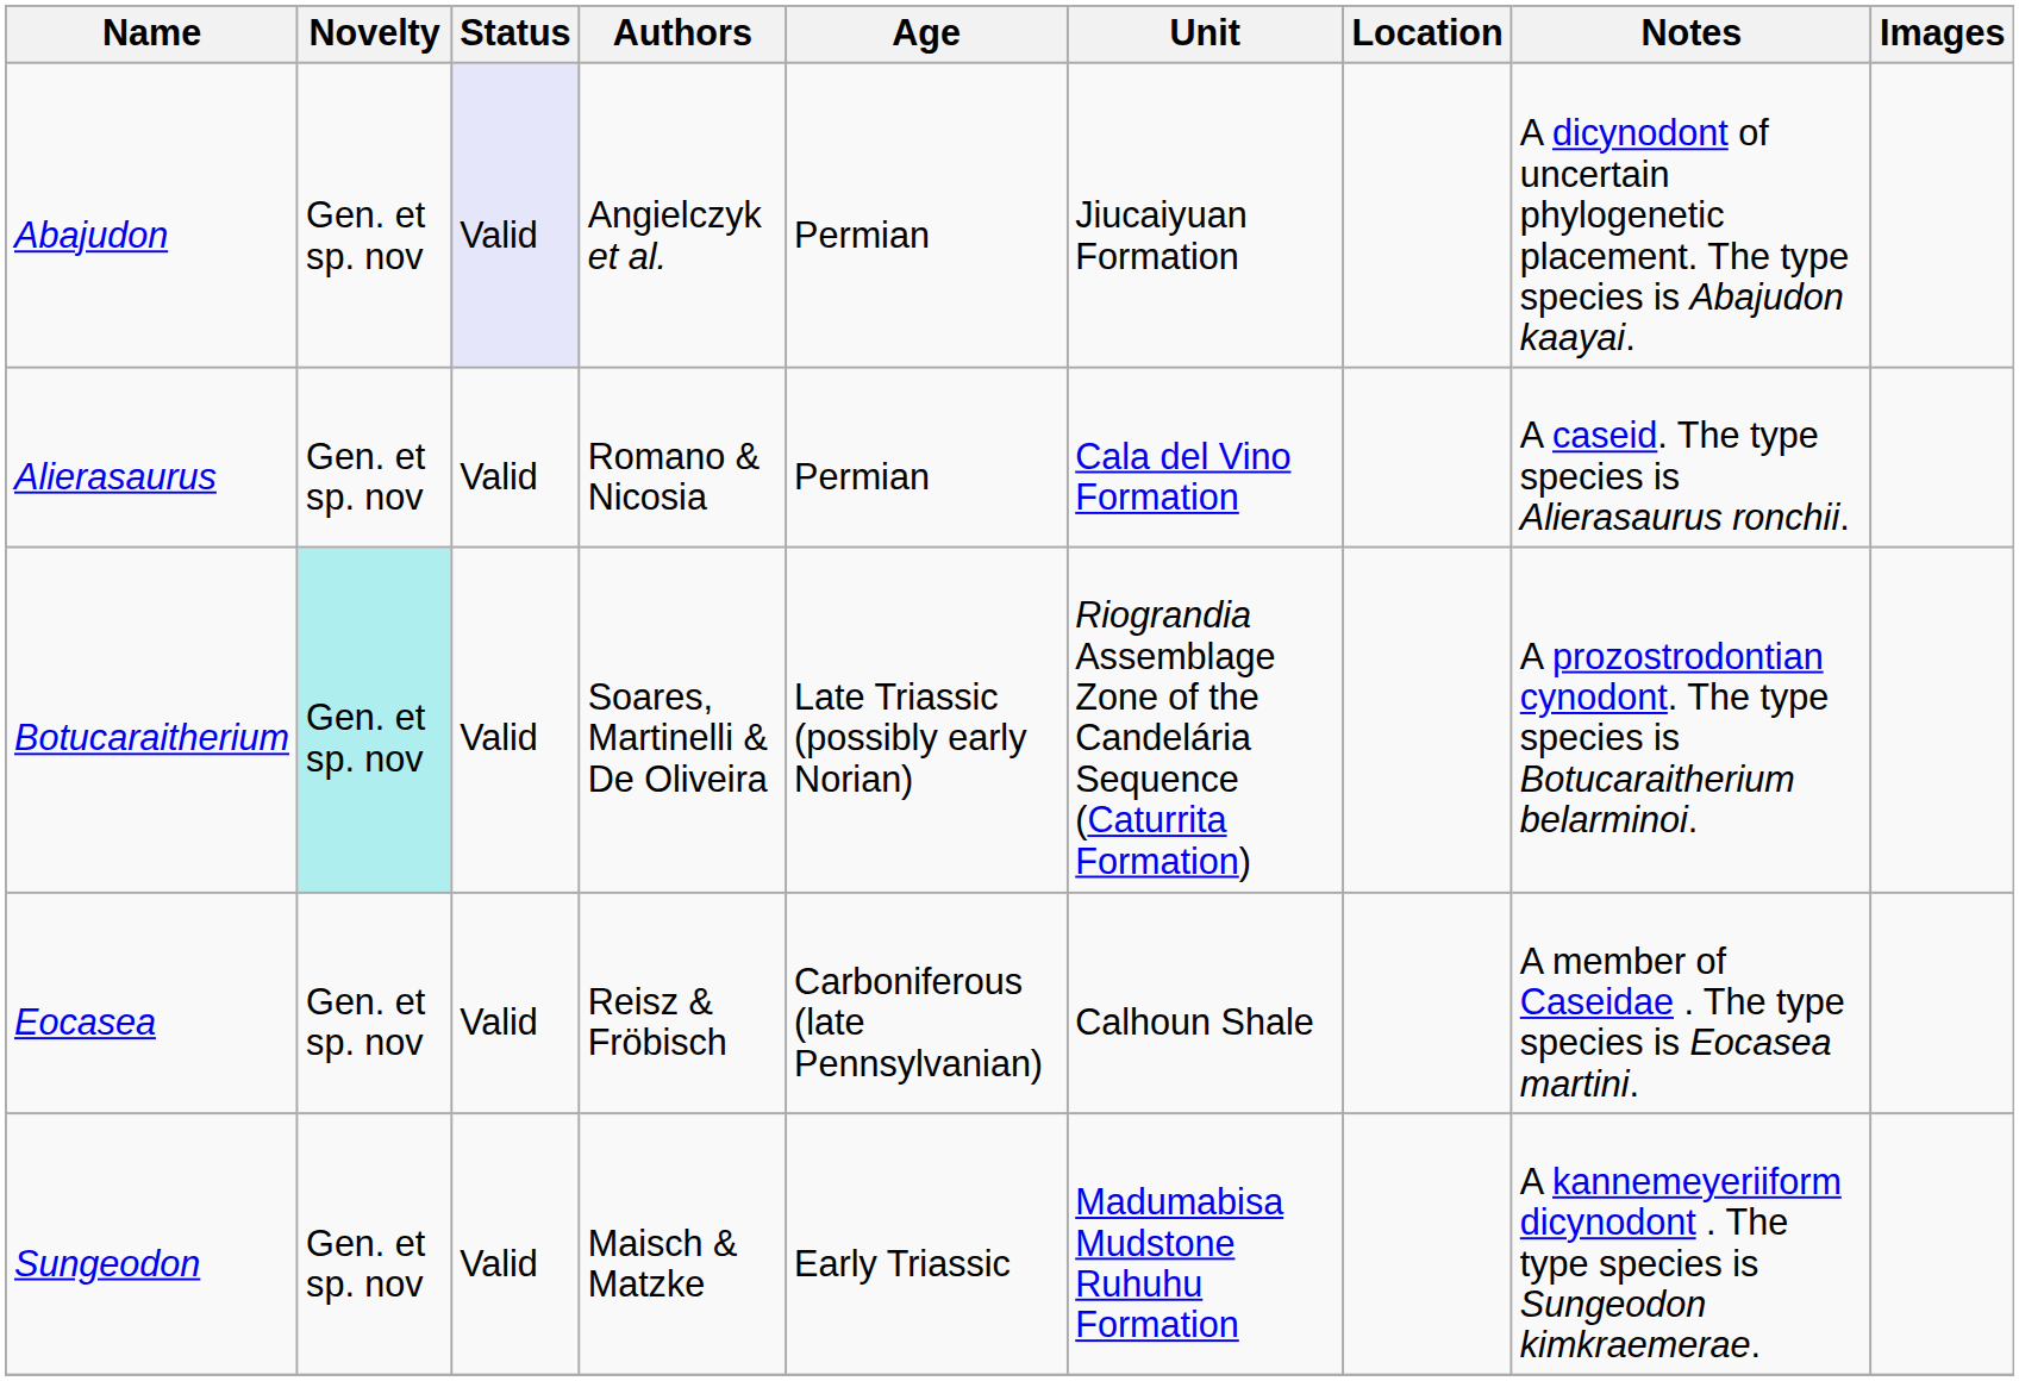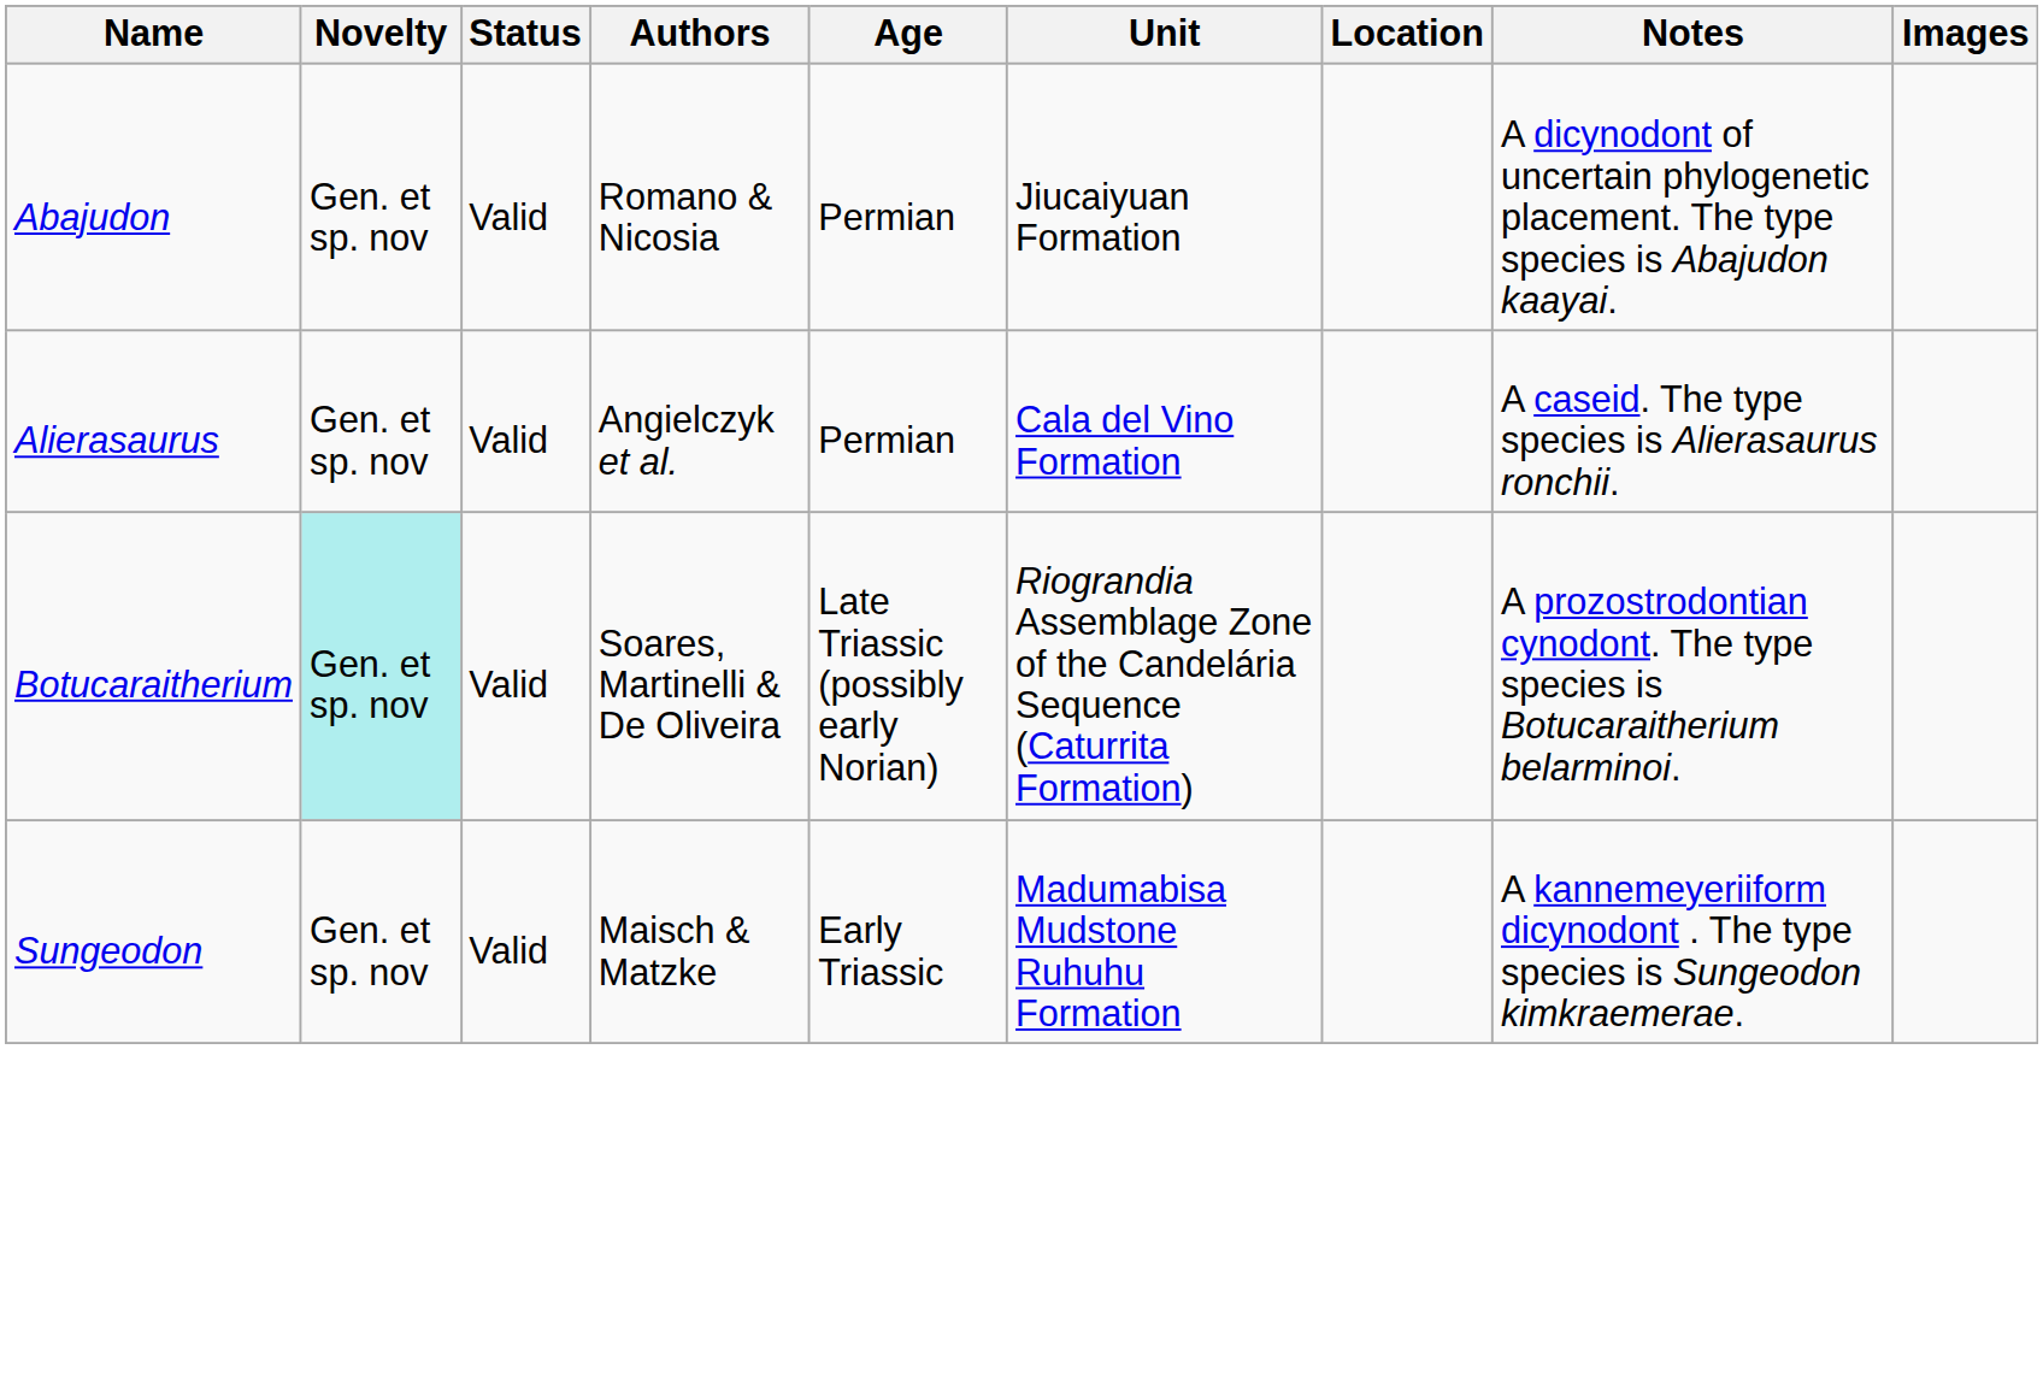 <table class="wikitable sortable" align="center" width="100%">
 <tr>
 <th>Name</th>
 <th>Novelty</th>
 <th>Status</th>
 <th>Authors</th>
 <th>Age</th>
 <th>Unit</th>
 <th>Location</th>
 <th>Notes</th>
 <th>Images</th>
 </tr>
 <tr>
 <td><br><em><a href='#'>Abajudon</a></em></td>
 <td><br>Gen. et sp. nov</td>
-<td style="background: lavender;"><br>Valid</td>
-<td><br>Angielczyk <em>et al.</em></td>
+<td><br>Valid</td>
+<td><br>Romano & Nicosia</td>
 <td><br>Permian</td>
 <td><br>Jiucaiyuan Formation</td>
 <td><br><br> </td>
 <td><br>A <a href='#'>dicynodont</a> of uncertain phylogenetic placement. The type species is <em>Abajudon kaayai</em>.</td>
 <td></td>
 </tr>
 <tr>
 <td><br><em><a href='#'>Alierasaurus</a></em></td>
 <td><br>Gen. et sp. nov</td>
 <td><br>Valid</td>
-<td><br>Romano & Nicosia</td>
+<td><br>Angielczyk <em>et al.</em></td>
 <td><br>Permian</td>
 <td><br><a href='#'>Cala del Vino Formation</a></td>
 <td><br></td>
 <td><br>A <a href='#'>caseid</a>. The type species is <em>Alierasaurus ronchii</em>.</td>
 <td></td>
 </tr>
 <tr>
 <td><br><em><a href='#'>Botucaraitherium</a></em></td>
 <td style="background: paleturquoise;"><br>Gen. et sp. nov</td>
 <td><br>Valid</td>
 <td><br>Soares, Martinelli & De Oliveira</td>
 <td><br>Late Triassic (possibly early Norian)</td>
 <td><br><em>Riograndia</em> Assemblage Zone of the Candelária Sequence (<a href='#'>Caturrita Formation</a>)</td>
 <td><br></td>
 <td><br>A <a href='#'>prozostrodontian</a> <a href='#'>cynodont</a>. The type species is <em>Botucaraitherium belarminoi</em>.</td>
 <td></td>
 </tr>
 <tr>
-<td><br><em><a href='#'>Eocasea</a></em></td>
-<td><br>Gen. et sp. nov</td>
-<td><br>Valid</td>
-<td><br>Reisz & Fröbisch</td>
-<td><br>Carboniferous (late Pennsylvanian)</td>
-<td><br>Calhoun Shale</td>
-<td><br></td>
-<td><br>A member of <a href='#'>Caseidae</a> . The type species is <em>Eocasea martini</em>.</td>
-<td></td>
-</tr>
-<tr>
 <td><br><em><a href='#'>Sungeodon</a></em></td>
 <td><br>Gen. et sp. nov</td>
 <td><br>Valid</td>
 <td><br>Maisch & Matzke</td>
 <td><br>Early Triassic</td>
 <td><br><a href='#'>Madumabisa Mudstone</a><br> <a href='#'>Ruhuhu Formation</a></td>
 <td><br></td>
 <td><br>A <a href='#'>kannemeyeriiform</a> <a href='#'>dicynodont</a> . The type species is <em>Sungeodon kimkraemerae</em>.</td>
 <td></td>
 </tr>
 <tr>
 </tr>
 </table>
